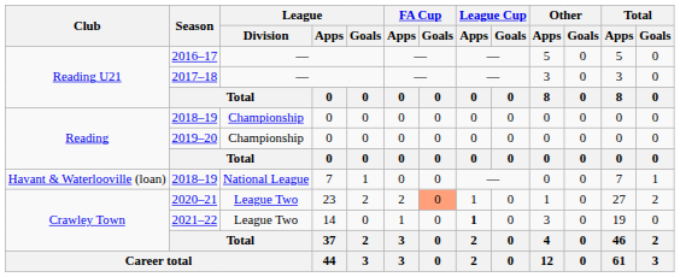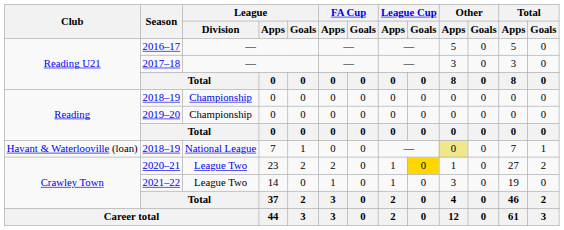 <table class="wikitable" style="text-align: center">
 <tr>
 <th rowspan="2">Club</th>
 <th rowspan="2">Season</th>
 <th colspan="3">League</th>
 <th colspan="2"><a href='#'>FA Cup</a></th>
 <th colspan="2"><a href='#'>League Cup</a></th>
 <th colspan="2">Other</th>
 <th colspan="2">Total</th>
 </tr>
 <tr>
 <th>Division</th>
 <th>Apps</th>
 <th>Goals</th>
 <th>Apps</th>
 <th>Goals</th>
 <th>Apps</th>
 <th>Goals</th>
 <th>Apps</th>
 <th>Goals</th>
 <th>Apps</th>
 <th>Goals</th>
 </tr>
 <tr>
 <td rowspan="3"><a href='#'>Reading U21</a></td>
 <td><a href='#'>2016–17</a></td>
 <td colspan="3">—</td>
 <td colspan="2">—</td>
 <td colspan="2">—</td>
 <td>5</td>
 <td>0</td>
 <td>5</td>
 <td>0</td>
 </tr>
 <tr>
 <td><a href='#'>2017–18</a></td>
 <td colspan="3">—</td>
 <td colspan="2">—</td>
 <td colspan="2">—</td>
 <td>3</td>
 <td>0</td>
 <td>3</td>
 <td>0</td>
 </tr>
 <tr>
 <th colspan="2">Total</th>
 <th>0</th>
 <th>0</th>
 <th>0</th>
 <th>0</th>
 <th>0</th>
 <th>0</th>
 <th>8</th>
 <th>0</th>
 <th>8</th>
 <th>0</th>
 </tr>
 <tr>
 <td rowspan="3"><a href='#'>Reading</a></td>
 <td><a href='#'>2018–19</a></td>
 <td><a href='#'>Championship</a></td>
 <td>0</td>
 <td>0</td>
 <td>0</td>
 <td>0</td>
 <td>0</td>
 <td>0</td>
 <td>0</td>
 <td>0</td>
 <td>0</td>
 <td>0</td>
 </tr>
 <tr>
 <td><a href='#'>2019–20</a></td>
 <td>Championship</td>
 <td>0</td>
 <td>0</td>
 <td>0</td>
 <td>0</td>
 <td>0</td>
 <td>0</td>
 <td>0</td>
 <td>0</td>
 <td>0</td>
 <td>0</td>
 </tr>
 <tr>
 <th colspan="2">Total</th>
 <th>0</th>
 <th>0</th>
 <th>0</th>
 <th>0</th>
 <th>0</th>
 <th>0</th>
 <th>0</th>
 <th>0</th>
 <th>0</th>
 <th>0</th>
 </tr>
 <tr>
 <td><a href='#'>Havant & Waterlooville</a> (loan)</td>
 <td><a href='#'>2018–19</a></td>
 <td><a href='#'>National League</a></td>
 <td>7</td>
 <td>1</td>
 <td>0</td>
 <td>0</td>
 <td colspan="2">—</td>
-<td>0</td>
+<td style="background: khaki;">0</td>
 <td>0</td>
 <td>7</td>
 <td>1</td>
 </tr>
 <tr>
 <td rowspan=3><a href='#'>Crawley Town</a></td>
 <td><a href='#'>2020–21</a></td>
 <td><a href='#'>League Two</a></td>
 <td>23</td>
 <td>2</td>
 <td>2</td>
-<td style="background: lightsalmon;">0</td>
+<td>0</td>
 <td>1</td>
-<td>0</td>
+<td style="background: gold;">0</td>
 <td>1</td>
 <td>0</td>
 <td>27</td>
 <td>2</td>
 </tr>
 <tr>
 <td><a href='#'>2021–22</a></td>
 <td>League Two</td>
 <td>14</td>
 <td>0</td>
 <td>1</td>
 <td>0</td>
-<td><strong>1</strong></td>
+<td>1</td>
 <td>0</td>
 <td>3</td>
 <td>0</td>
 <td>19</td>
 <td>0</td>
 </tr>
 <tr>
 <th colspan="2">Total</th>
 <th>37</th>
 <th>2</th>
 <th>3</th>
 <th>0</th>
 <th>2</th>
 <th>0</th>
 <th>4</th>
 <th>0</th>
 <th>46</th>
 <th>2</th>
 </tr>
 <tr>
 <th colspan="3">Career total</th>
 <th>44</th>
 <th>3</th>
 <th>3</th>
 <th>0</th>
 <th>2</th>
 <th>0</th>
 <th>12</th>
 <th>0</th>
 <th>61</th>
 <th>3</th>
 </tr>
 </table>
